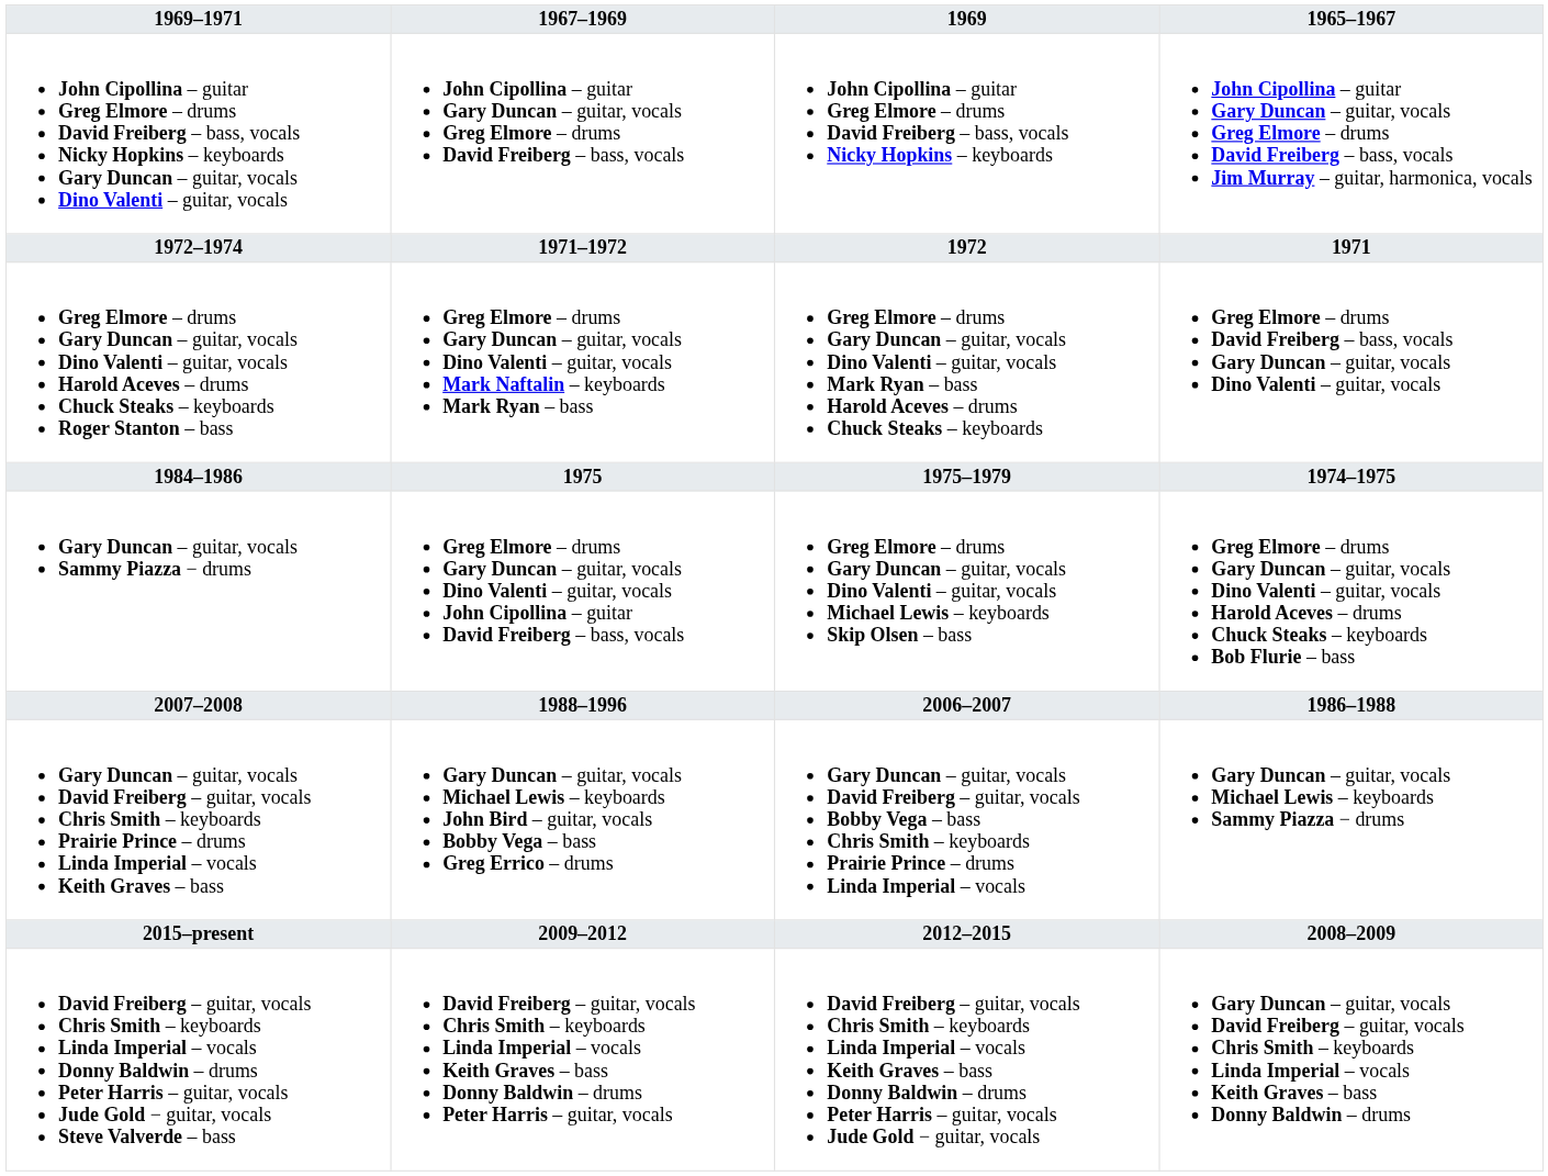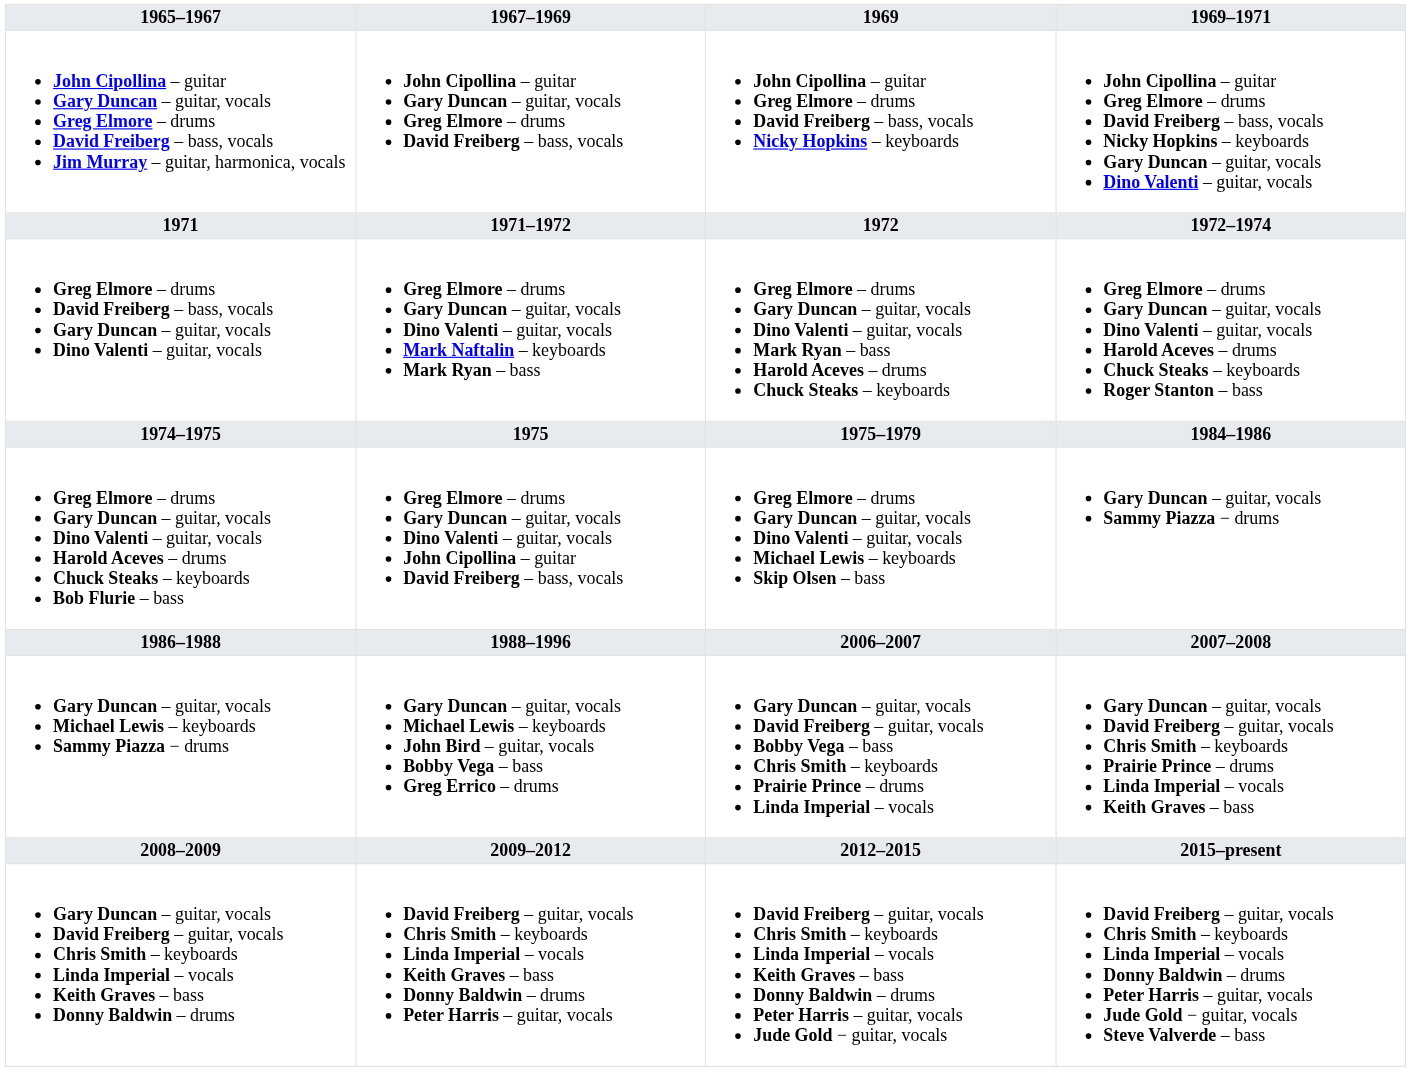 <table class="toccolours" border=1 cellpadding=2 cellspacing=0 style="float: width: 375px; margin: 0 0 1em 1em; border-collapse: collapse; border: 1px solid #E2E2E2;" width=99%>
 <tr>
-<th bgcolor="#E7EBEE" valign=top width=25%>1969–1971</th>
+<th bgcolor="#E7EBEE" valign=top width=25%>1965–1967</th>
 <th bgcolor="#E7EBEE" valign=top width=25%>1967–1969</th>
 <th bgcolor="#E7EBEE" valign=top width=25%>1969</th>
-<th bgcolor="#E7EBEE" valign=top width=25%>1965–1967</th>
+<th bgcolor="#E7EBEE" valign=top width=25%>1969–1971</th>
 </tr>
 <tr>
-<td valign=top><br><ul><li><strong>John Cipollina</strong> – guitar</li><li><strong>Greg Elmore</strong> – drums</li><li><strong>David Freiberg</strong> – bass, vocals</li><li><strong>Nicky Hopkins</strong> – keyboards</li><li><strong>Gary Duncan</strong> – guitar, vocals</li><li><strong><a href='#'>Dino Valenti</a></strong> – guitar, vocals</li></ul></td>
+<td valign=top><br><ul><li><strong><a href='#'>John Cipollina</a></strong> – guitar</li><li><strong><a href='#'>Gary Duncan</a></strong> – guitar, vocals</li><li><strong><a href='#'>Greg Elmore</a></strong> – drums</li><li><strong><a href='#'>David Freiberg</a></strong> – bass, vocals</li><li><strong><a href='#'>Jim Murray</a></strong> – guitar, harmonica, vocals</li></ul></td>
 <td valign=top><br><ul><li><strong>John Cipollina</strong> – guitar</li><li><strong>Gary Duncan</strong> – guitar, vocals</li><li><strong>Greg Elmore</strong> – drums</li><li><strong>David Freiberg</strong> – bass, vocals</li></ul></td>
 <td valign=top><br><ul><li><strong>John Cipollina</strong> – guitar</li><li><strong>Greg Elmore</strong> – drums</li><li><strong>David Freiberg</strong> – bass, vocals</li><li><strong><a href='#'>Nicky Hopkins</a></strong> – keyboards</li></ul></td>
-<td valign=top><br><ul><li><strong><a href='#'>John Cipollina</a></strong> – guitar</li><li><strong><a href='#'>Gary Duncan</a></strong> – guitar, vocals</li><li><strong><a href='#'>Greg Elmore</a></strong> – drums</li><li><strong><a href='#'>David Freiberg</a></strong> – bass, vocals</li><li><strong><a href='#'>Jim Murray</a></strong> – guitar, harmonica, vocals</li></ul></td>
+<td valign=top><br><ul><li><strong>John Cipollina</strong> – guitar</li><li><strong>Greg Elmore</strong> – drums</li><li><strong>David Freiberg</strong> – bass, vocals</li><li><strong>Nicky Hopkins</strong> – keyboards</li><li><strong>Gary Duncan</strong> – guitar, vocals</li><li><strong><a href='#'>Dino Valenti</a></strong> – guitar, vocals</li></ul></td>
 </tr>
 <tr>
-<th bgcolor="#E7EBEE" valign=top width=25%>1972–1974</th>
+<th bgcolor="#E7EBEE" valign=top width=25%>1971</th>
 <th bgcolor="#E7EBEE" valign=top width=25%>1971–1972</th>
 <th bgcolor="#E7EBEE" valign=top width=25%>1972</th>
-<th bgcolor="#E7EBEE" valign=top width=25%>1971</th>
+<th bgcolor="#E7EBEE" valign=top width=25%>1972–1974</th>
 </tr>
 <tr>
-<td valign=top><br><ul><li><strong>Greg Elmore</strong> – drums</li><li><strong>Gary Duncan</strong> – guitar, vocals</li><li><strong>Dino Valenti</strong> – guitar, vocals</li><li><strong>Harold Aceves</strong> – drums</li><li><strong>Chuck Steaks</strong> – keyboards</li><li><strong>Roger Stanton</strong> – bass</li></ul></td>
+<td valign=top><br><ul><li><strong>Greg Elmore</strong> – drums</li><li><strong>David Freiberg</strong> – bass, vocals</li><li><strong>Gary Duncan</strong> – guitar, vocals</li><li><strong>Dino Valenti</strong> – guitar, vocals</li></ul></td>
 <td valign=top><br><ul><li><strong>Greg Elmore</strong> – drums</li><li><strong>Gary Duncan</strong> – guitar, vocals</li><li><strong>Dino Valenti</strong> – guitar, vocals</li><li><strong><a href='#'>Mark Naftalin</a></strong> – keyboards</li><li><strong>Mark Ryan</strong> – bass</li></ul></td>
 <td valign=top><br><ul><li><strong>Greg Elmore</strong> – drums</li><li><strong>Gary Duncan</strong> – guitar, vocals</li><li><strong>Dino Valenti</strong> – guitar, vocals</li><li><strong>Mark Ryan</strong> – bass</li><li><strong>Harold Aceves</strong> – drums</li><li><strong>Chuck Steaks</strong> – keyboards</li></ul></td>
-<td valign=top><br><ul><li><strong>Greg Elmore</strong> – drums</li><li><strong>David Freiberg</strong> – bass, vocals</li><li><strong>Gary Duncan</strong> – guitar, vocals</li><li><strong>Dino Valenti</strong> – guitar, vocals</li></ul></td>
+<td valign=top><br><ul><li><strong>Greg Elmore</strong> – drums</li><li><strong>Gary Duncan</strong> – guitar, vocals</li><li><strong>Dino Valenti</strong> – guitar, vocals</li><li><strong>Harold Aceves</strong> – drums</li><li><strong>Chuck Steaks</strong> – keyboards</li><li><strong>Roger Stanton</strong> – bass</li></ul></td>
 </tr>
 <tr>
-<th bgcolor="#E7EBEE" valign=top width=25%>1984–1986</th>
+<th bgcolor="#E7EBEE" valign=top width=25%>1974–1975</th>
 <th bgcolor="#E7EBEE" valign=top width=25%>1975</th>
 <th bgcolor="#E7EBEE" valign=top width=25%>1975–1979</th>
-<th bgcolor="#E7EBEE" valign=top width=25%>1974–1975</th>
+<th bgcolor="#E7EBEE" valign=top width=25%>1984–1986</th>
 </tr>
 <tr>
-<td valign=top><br><ul><li><strong>Gary Duncan</strong> – guitar, vocals</li><li><strong>Sammy Piazza</strong> − drums</li></ul></td>
+<td valign=top><br><ul><li><strong>Greg Elmore</strong> – drums</li><li><strong>Gary Duncan</strong> – guitar, vocals</li><li><strong>Dino Valenti</strong> – guitar, vocals</li><li><strong>Harold Aceves</strong> – drums</li><li><strong>Chuck Steaks</strong> – keyboards</li><li><strong>Bob Flurie</strong> – bass</li></ul></td>
 <td valign=top><br><ul><li><strong>Greg Elmore</strong> – drums</li><li><strong>Gary Duncan</strong> – guitar, vocals</li><li><strong>Dino Valenti</strong> – guitar, vocals</li><li><strong>John Cipollina</strong> – guitar</li><li><strong>David Freiberg</strong> – bass, vocals</li></ul></td>
 <td valign=top><br><ul><li><strong>Greg Elmore</strong> – drums</li><li><strong>Gary Duncan</strong> – guitar, vocals</li><li><strong>Dino Valenti</strong> – guitar, vocals</li><li><strong>Michael Lewis</strong> – keyboards</li><li><strong>Skip Olsen</strong> – bass</li></ul></td>
-<td valign=top><br><ul><li><strong>Greg Elmore</strong> – drums</li><li><strong>Gary Duncan</strong> – guitar, vocals</li><li><strong>Dino Valenti</strong> – guitar, vocals</li><li><strong>Harold Aceves</strong> – drums</li><li><strong>Chuck Steaks</strong> – keyboards</li><li><strong>Bob Flurie</strong> – bass</li></ul></td>
+<td valign=top><br><ul><li><strong>Gary Duncan</strong> – guitar, vocals</li><li><strong>Sammy Piazza</strong> − drums</li></ul></td>
 </tr>
 <tr>
-<th bgcolor="#E7EBEE" valign=top width=25%>2007–2008</th>
+<th bgcolor="#E7EBEE" valign=top width=25%>1986–1988</th>
 <th bgcolor="#E7EBEE" valign=top width=25%>1988–1996</th>
 <th bgcolor="#E7EBEE" valign=top width=25%>2006–2007</th>
-<th bgcolor="#E7EBEE" valign=top width=25%>1986–1988</th>
+<th bgcolor="#E7EBEE" valign=top width=25%>2007–2008</th>
 </tr>
 <tr>
-<td valign=top><br><ul><li><strong>Gary Duncan</strong> – guitar, vocals</li><li><strong>David Freiberg</strong> – guitar, vocals</li><li><strong>Chris Smith</strong> – keyboards</li><li><strong>Prairie Prince</strong> – drums</li><li><strong>Linda Imperial</strong> – vocals</li><li><strong>Keith Graves</strong> – bass</li></ul></td>
+<td valign=top><br><ul><li><strong>Gary Duncan</strong> – guitar, vocals</li><li><strong>Michael Lewis</strong> – keyboards</li><li><strong>Sammy Piazza</strong> − drums</li></ul></td>
 <td valign=top><br><ul><li><strong>Gary Duncan</strong> – guitar, vocals</li><li><strong>Michael Lewis</strong> – keyboards</li><li><strong>John Bird</strong> – guitar, vocals</li><li><strong>Bobby Vega</strong> – bass</li><li><strong>Greg Errico</strong> – drums</li></ul></td>
 <td valign=top><br><ul><li><strong>Gary Duncan</strong> – guitar, vocals</li><li><strong>David Freiberg</strong> – guitar, vocals</li><li><strong>Bobby Vega</strong> – bass</li><li><strong>Chris Smith</strong> – keyboards</li><li><strong>Prairie Prince</strong> – drums</li><li><strong>Linda Imperial</strong> – vocals</li></ul></td>
-<td valign=top><br><ul><li><strong>Gary Duncan</strong> – guitar, vocals</li><li><strong>Michael Lewis</strong> – keyboards</li><li><strong>Sammy Piazza</strong> − drums</li></ul></td>
+<td valign=top><br><ul><li><strong>Gary Duncan</strong> – guitar, vocals</li><li><strong>David Freiberg</strong> – guitar, vocals</li><li><strong>Chris Smith</strong> – keyboards</li><li><strong>Prairie Prince</strong> – drums</li><li><strong>Linda Imperial</strong> – vocals</li><li><strong>Keith Graves</strong> – bass</li></ul></td>
 </tr>
 <tr>
-<th bgcolor="#E7EBEE" valign=top width=25%>2015–present</th>
+<th bgcolor="#E7EBEE" valign=top width=25%>2008–2009</th>
 <th bgcolor="#E7EBEE" valign=top width=25%>2009–2012</th>
 <th bgcolor="#E7EBEE" valign=top width=25%>2012–2015</th>
-<th bgcolor="#E7EBEE" valign=top width=25%>2008–2009</th>
+<th bgcolor="#E7EBEE" valign=top width=25%>2015–present</th>
 </tr>
 <tr>
-<td valign=top><br><ul><li><strong>David Freiberg</strong> – guitar, vocals</li><li><strong>Chris Smith</strong> – keyboards</li><li><strong>Linda Imperial</strong> – vocals</li><li><strong>Donny Baldwin</strong> – drums</li><li><strong>Peter Harris</strong> – guitar, vocals</li><li><strong>Jude Gold</strong> − guitar, vocals</li><li><strong>Steve Valverde</strong> – bass</li></ul></td>
+<td valign=top><br><ul><li><strong>Gary Duncan</strong> – guitar, vocals</li><li><strong>David Freiberg</strong> – guitar, vocals</li><li><strong>Chris Smith</strong> – keyboards</li><li><strong>Linda Imperial</strong> – vocals</li><li><strong>Keith Graves</strong> – bass</li><li><strong>Donny Baldwin</strong> – drums</li></ul></td>
 <td valign=top><br><ul><li><strong>David Freiberg</strong> – guitar, vocals</li><li><strong>Chris Smith</strong> – keyboards</li><li><strong>Linda Imperial</strong> – vocals</li><li><strong>Keith Graves</strong> – bass</li><li><strong>Donny Baldwin</strong> – drums</li><li><strong>Peter Harris</strong> – guitar, vocals</li></ul></td>
 <td valign=top><br><ul><li><strong>David Freiberg</strong> – guitar, vocals</li><li><strong>Chris Smith</strong> – keyboards</li><li><strong>Linda Imperial</strong> – vocals</li><li><strong>Keith Graves</strong> – bass</li><li><strong>Donny Baldwin</strong> – drums</li><li><strong>Peter Harris</strong> – guitar, vocals</li><li><strong>Jude Gold</strong> − guitar, vocals</li></ul></td>
-<td valign=top><br><ul><li><strong>Gary Duncan</strong> – guitar, vocals</li><li><strong>David Freiberg</strong> – guitar, vocals</li><li><strong>Chris Smith</strong> – keyboards</li><li><strong>Linda Imperial</strong> – vocals</li><li><strong>Keith Graves</strong> – bass</li><li><strong>Donny Baldwin</strong> – drums</li></ul></td>
+<td valign=top><br><ul><li><strong>David Freiberg</strong> – guitar, vocals</li><li><strong>Chris Smith</strong> – keyboards</li><li><strong>Linda Imperial</strong> – vocals</li><li><strong>Donny Baldwin</strong> – drums</li><li><strong>Peter Harris</strong> – guitar, vocals</li><li><strong>Jude Gold</strong> − guitar, vocals</li><li><strong>Steve Valverde</strong> – bass</li></ul></td>
 </tr>
 </table>
